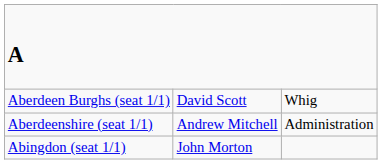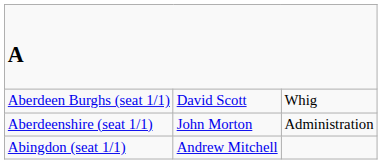 <table class="wikitable">
 <tr>
 <td colspan="3"><br><h2>A</h2></td>
 </tr>
 <tr>
 <td><a href='#'>Aberdeen Burghs (seat 1/1)</a></td>
 <td><a href='#'>David Scott</a></td>
 <td>Whig</td>
 </tr>
 <tr>
 <td><a href='#'>Aberdeenshire (seat 1/1)</a></td>
-<td><a href='#'>Andrew Mitchell</a></td>
+<td><a href='#'>John Morton</a></td>
 <td>Administration</td>
 </tr>
 <tr>
 <td><a href='#'>Abingdon (seat 1/1)</a></td>
-<td><a href='#'>John Morton</a></td>
+<td><a href='#'>Andrew Mitchell</a></td>
 <td></td>
 </tr>
 </table>
